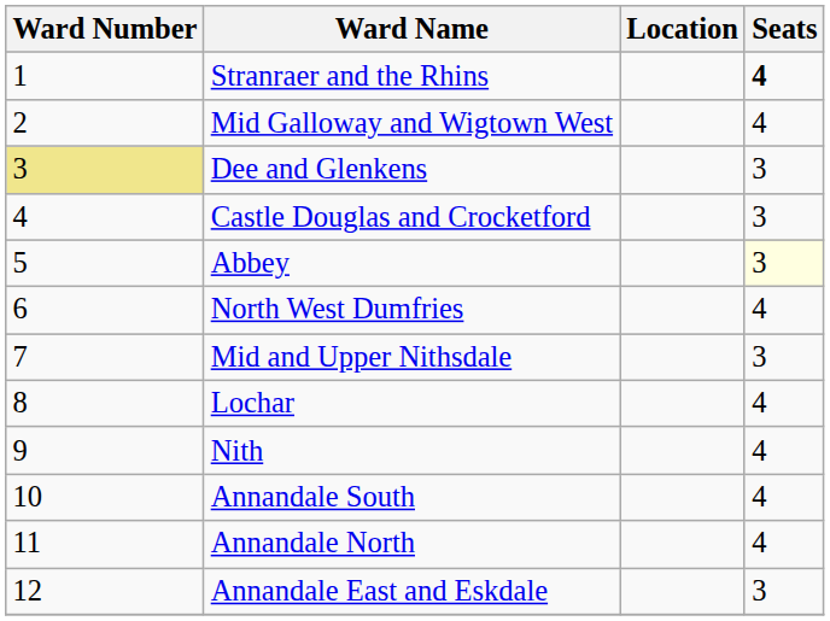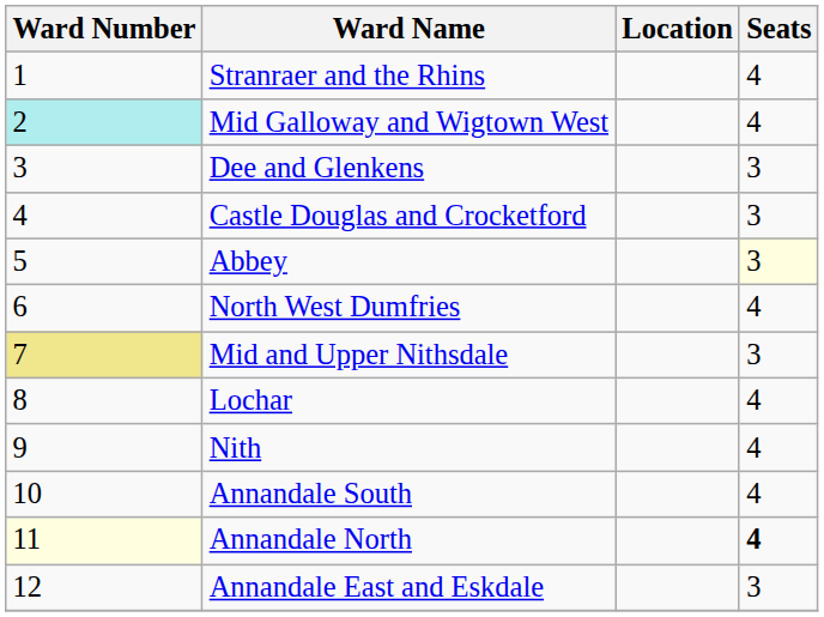 <table class="wikitable sortable">
 <tr>
 <th>Ward Number</th>
 <th>Ward Name</th>
 <th>Location</th>
 <th>Seats</th>
 </tr>
 <tr>
 <td>1</td>
 <td><a href='#'>Stranraer and the Rhins</a></td>
 <td></td>
-<td><strong>4</strong></td>
+<td>4</td>
 </tr>
 <tr>
-<td>2</td>
+<td style="background: paleturquoise;">2</td>
 <td><a href='#'>Mid Galloway and Wigtown West</a></td>
 <td></td>
 <td>4</td>
 </tr>
 <tr>
-<td style="background: khaki;">3</td>
+<td>3</td>
 <td><a href='#'>Dee and Glenkens</a></td>
 <td></td>
 <td>3</td>
 </tr>
 <tr>
 <td>4</td>
 <td><a href='#'>Castle Douglas and Crocketford</a></td>
 <td></td>
 <td>3</td>
 </tr>
 <tr>
 <td>5</td>
 <td><a href='#'>Abbey</a></td>
 <td></td>
 <td style="background: lightyellow;">3</td>
 </tr>
 <tr>
 <td>6</td>
 <td><a href='#'>North West Dumfries</a></td>
 <td></td>
 <td>4</td>
 </tr>
 <tr>
-<td>7</td>
+<td style="background: khaki;">7</td>
 <td><a href='#'>Mid and Upper Nithsdale</a></td>
 <td></td>
 <td>3</td>
 </tr>
 <tr>
 <td>8</td>
 <td><a href='#'>Lochar</a></td>
 <td></td>
 <td>4</td>
 </tr>
 <tr>
 <td>9</td>
 <td><a href='#'>Nith</a></td>
 <td></td>
 <td>4</td>
 </tr>
 <tr>
 <td>10</td>
 <td><a href='#'>Annandale South</a></td>
 <td></td>
 <td>4</td>
 </tr>
 <tr>
-<td>11</td>
+<td style="background: lightyellow;">11</td>
 <td><a href='#'>Annandale North</a></td>
 <td></td>
-<td>4</td>
+<td><strong>4</strong></td>
 </tr>
 <tr>
 <td>12</td>
 <td><a href='#'>Annandale East and Eskdale</a></td>
 <td></td>
 <td>3</td>
 </tr>
 <tr>
 </tr>
 </table>
